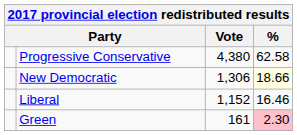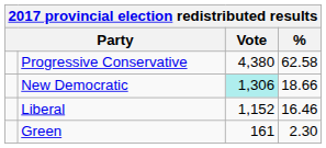 <table class="wikitable">
 <tr>
 <th colspan="4"><a href='#'>2017 provincial election</a> redistributed results</th>
 </tr>
 <tr>
 <th bgcolor="#DDDDFF" width="130px" colspan="2">Party</th>
 <th bgcolor="#DDDDFF" width="50px">Vote</th>
 <th bgcolor="#DDDDFF" width="30px">%</th>
 </tr>
 <tr>
 <td> </td>
 <td><a href='#'>Progressive Conservative</a></td>
 <td align=right>4,380</td>
 <td align=right>62.58</td>
 </tr>
 <tr>
 <td> </td>
 <td><a href='#'>New Democratic</a></td>
-<td align=right>1,306</td>
-<td align=right style="background: lightyellow;">18.66</td>
+<td align=right style="background: paleturquoise;">1,306</td>
+<td align=right>18.66</td>
 </tr>
 <tr>
 <td> </td>
 <td><a href='#'>Liberal</a></td>
 <td align=right>1,152</td>
 <td align=right>16.46</td>
 </tr>
 <tr>
 <td> </td>
 <td><a href='#'>Green</a></td>
 <td align=right>161</td>
-<td align=right style="background: pink;">2.30</td>
+<td align=right>2.30</td>
 </tr>
 </table>
